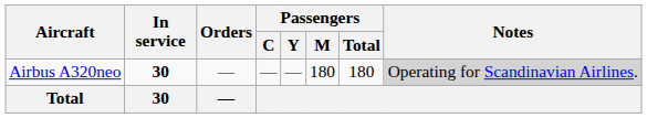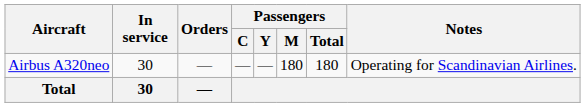 <table class="wikitable" style="border-collapse:collapse;text-align:center;margin:auto;">
 <tr>
 <th rowspan="2">Aircraft</th>
 <th rowspan="2" style="width:60px;">In service</th>
 <th rowspan="2" style="width:25px;">Orders</th>
 <th colspan="4">Passengers</th>
 <th rowspan="2">Notes</th>
 </tr>
 <tr>
 <th><abbr>C</abbr></th>
 <th><abbr>Y</abbr></th>
 <th><abbr>M</abbr></th>
 <th>Total</th>
 </tr>
 <tr>
 <td><a href='#'>Airbus A320neo</a></td>
-<td><strong>30</strong></td>
+<td>30</td>
 <td>—</td>
 <td>—</td>
 <td>—</td>
 <td>180</td>
 <td>180</td>
-<td style="background: lightgrey;">Operating for <a href='#'>Scandinavian Airlines</a>.</td>
+<td>Operating for <a href='#'>Scandinavian Airlines</a>.</td>
 </tr>
 <tr>
 <th>Total</th>
 <th>30</th>
 <th>—</th>
 <th colspan="5"></th>
 </tr>
 </table>
